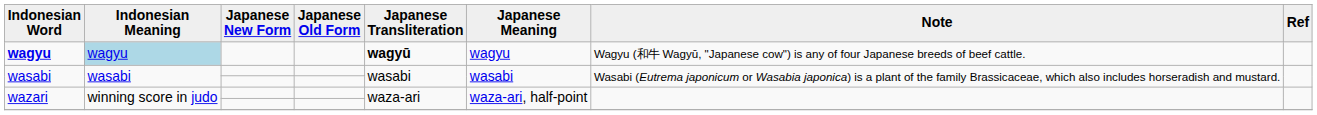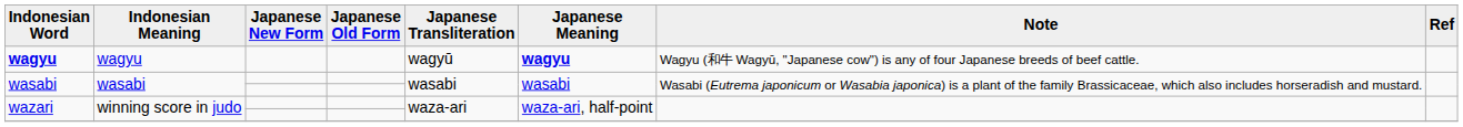 <table class="wikitable">
 <tr>
 <th style="background:#efefef;">Indonesian <br>Word</th>
 <th style="background:#efefef;">Indonesian <br>Meaning</th>
 <th style="background:#efefef;">Japanese <br><a href='#'>New Form</a></th>
 <th style="background:#efefef;">Japanese <br><a href='#'>Old Form</a></th>
 <th style="background:#efefef;">Japanese <br>Transliteration</th>
 <th style="background:#efefef;">Japanese <br>Meaning</th>
 <th style="background:#efefef;">Note</th>
 <th style="background:#efefef;">Ref</th>
 </tr>
 <tr>
 <td><strong><a href='#'>wagyu</a></strong></td>
-<td style="background: lightblue;"><a href='#'>wagyu</a></td>
+<td><a href='#'>wagyu</a></td>
 <td></td>
 <td></td>
-<td><strong>wagyū</strong></td>
-<td><a href='#'>wagyu</a></td>
+<td>wagyū</td>
+<td><strong><a href='#'>wagyu</a></strong></td>
 <td><small>Wagyu (和牛 Wagyū, "Japanese cow") is any of four Japanese breeds of beef cattle.</small></td>
 <td></td>
 </tr>
 <tr>
 <td rowspan="2"><a href='#'>wasabi</a></td>
 <td rowspan="2"><a href='#'>wasabi</a></td>
 <td></td>
 <td></td>
 <td rowspan="2">wasabi</td>
 <td rowspan="2"><a href='#'>wasabi</a></td>
 <td rowspan="2"><small>Wasabi (<em>Eutrema japonicum</em> or <em>Wasabia japonica</em>) is a plant of the family Brassicaceae, which also includes horseradish and mustard.</small></td>
 <td rowspan="2"></td>
 </tr>
 <tr>
 <td></td>
 <td></td>
 </tr>
 <tr>
 <td rowspan="2"><a href='#'>wazari</a></td>
 <td rowspan="2">winning score in <a href='#'>judo</a></td>
 <td></td>
 <td></td>
 <td rowspan="2">waza-ari</td>
 <td rowspan="2"><a href='#'>waza-ari</a>, half-point</td>
 <td rowspan="2"><small></small></td>
 <td rowspan="2"></td>
 </tr>
 <tr>
 <td></td>
 <td></td>
 </tr>
 <tr>
 </tr>
 </table>
